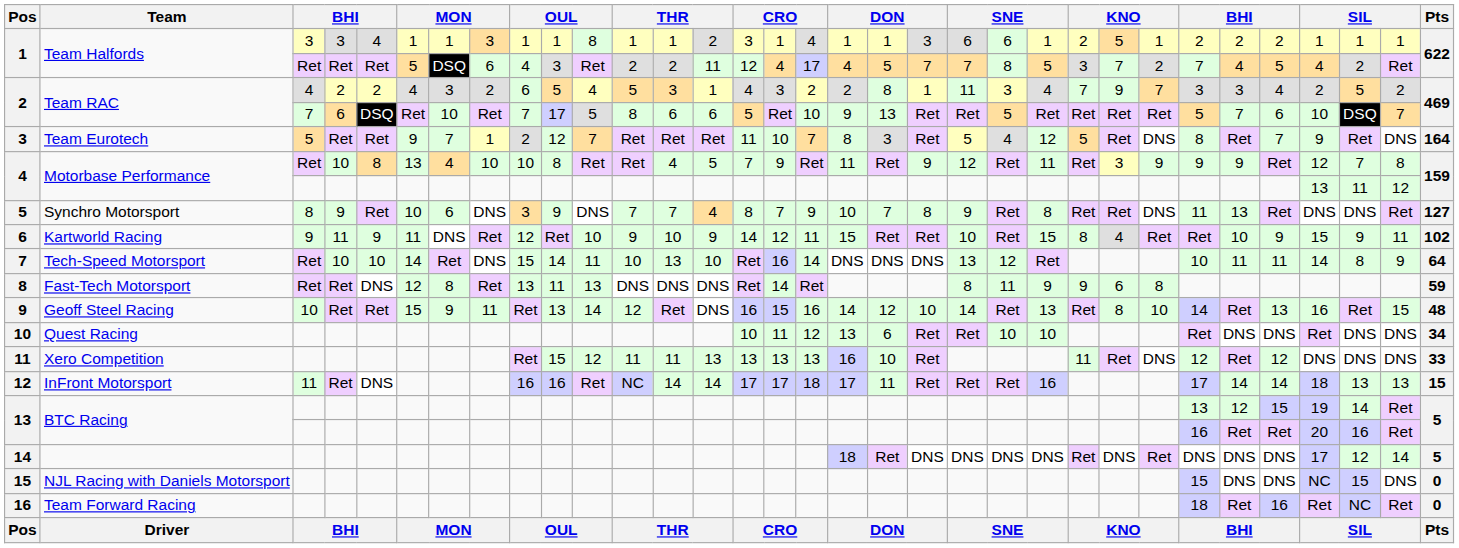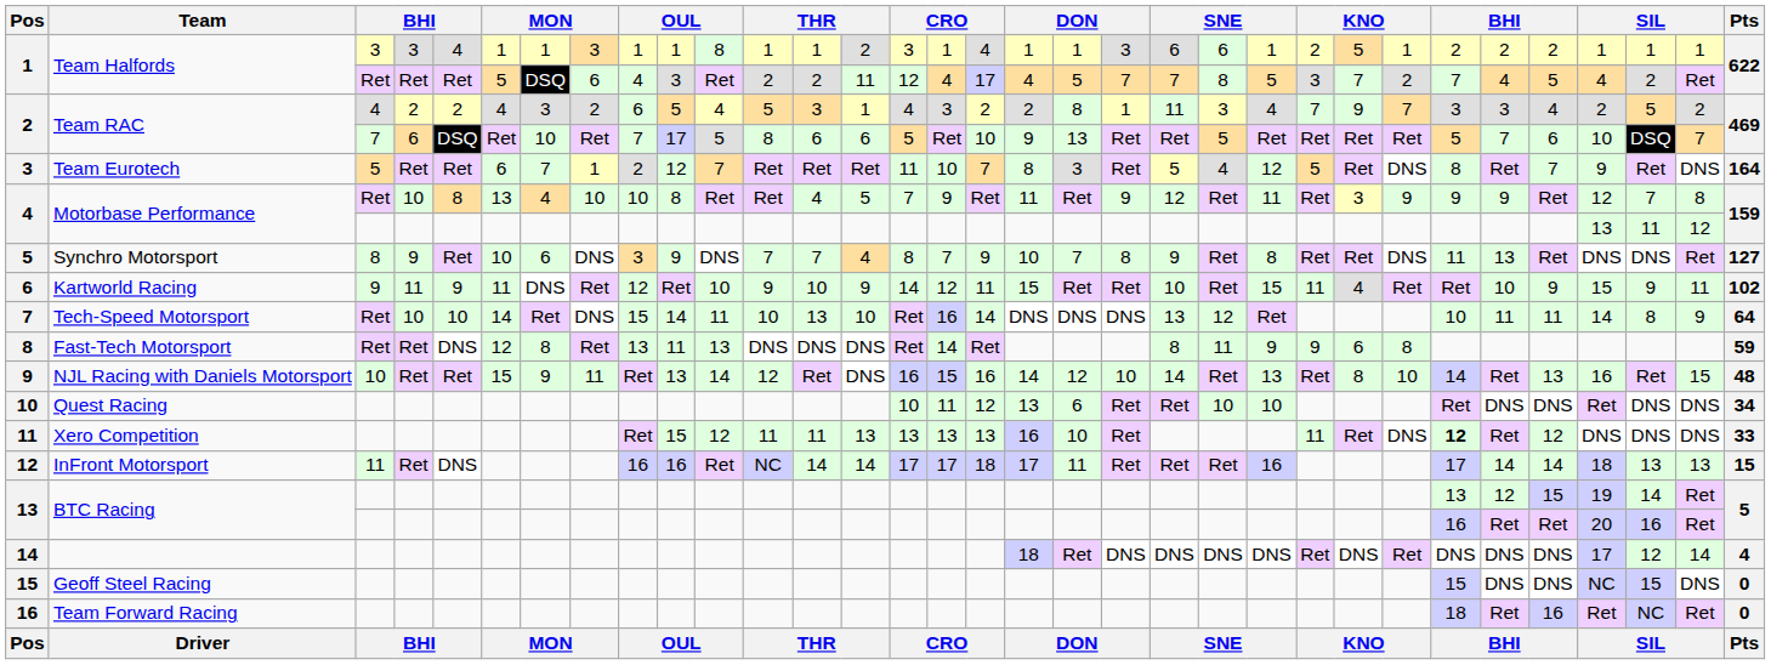 <table class="wikitable" style="font-size: 85%; text-align: center;">
 <tr valign="top">
 <th valign="middle">Pos</th>
 <th valign="middle">Team</th>
 <th colspan="3"><a href='#'>BHI</a></th>
 <th colspan="3"><a href='#'>MON</a></th>
 <th colspan="3"><a href='#'>OUL</a></th>
 <th colspan="3"><a href='#'>THR</a></th>
 <th colspan="3"><a href='#'>CRO</a></th>
 <th colspan="3"><a href='#'>DON</a></th>
 <th colspan="3"><a href='#'>SNE</a></th>
 <th colspan="3"><a href='#'>KNO</a></th>
 <th colspan="3"><a href='#'>BHI</a></th>
 <th colspan="3"><a href='#'>SIL</a></th>
 <th valign=middle>Pts</th>
 </tr>
 <tr>
 <th rowspan="2">1</th>
 <td rowspan=2 align=left><a href='#'>Team Halfords</a></td>
 <td style="background:#FFFFBF;">3</td>
 <td style="background:#DFDFDF;">3</td>
 <td style="background:#DFDFDF;">4</td>
 <td style="background:#FFFFBF;">1</td>
 <td style="background:#FFFFBF;">1</td>
 <td style="background:#FFDF9F;">3</td>
 <td style="background:#FFFFBF;">1</td>
 <td style="background:#FFFFBF;">1</td>
 <td style="background:#DFFFDF;">8</td>
 <td style="background:#FFFFBF;">1</td>
 <td style="background:#FFFFBF;">1</td>
 <td style="background:#DFDFDF;">2</td>
 <td style="background:#FFFFBF;">3</td>
 <td style="background:#FFFFBF;">1</td>
 <td style="background:#DFDFDF;">4</td>
 <td style="background:#FFFFBF;">1</td>
 <td style="background:#FFFFBF;">1</td>
 <td style="background:#DFDFDF;">3</td>
 <td style="background:#DFDFDF;">6</td>
 <td style="background:#DFFFDF;">6</td>
 <td style="background:#FFFFBF;">1</td>
 <td style="background:#FFFFBF;">2</td>
 <td style="background:#FFDF9F;">5</td>
 <td style="background:#FFFFBF;">1</td>
 <td style="background:#FFFFBF;">2</td>
 <td style="background:#FFFFBF;">2</td>
 <td style="background:#FFFFBF;">2</td>
 <td style="background:#FFFFBF;">1</td>
 <td style="background:#FFFFBF;">1</td>
 <td style="background:#FFFFBF;">1</td>
 <th rowspan=2>622</th>
 </tr>
 <tr>
 <td style="background:#EFCFFF;">Ret</td>
 <td style="background:#EFCFFF;">Ret</td>
 <td style="background:#EFCFFF;">Ret</td>
 <td style="background:#FFDF9F;">5</td>
 <td style="background:#000000; color:white">DSQ</td>
 <td style="background:#DFFFDF;">6</td>
 <td style="background:#DFFFDF;">4</td>
 <td style="background:#DFDFDF;">3</td>
 <td style="background:#EFCFFF;">Ret</td>
 <td style="background:#DFDFDF;">2</td>
 <td style="background:#DFDFDF;">2</td>
 <td style="background:#DFFFDF;">11</td>
 <td style="background:#DFFFDF;">12</td>
 <td style="background:#FFDF9F;">4</td>
 <td style="background:#CFCFFF;">17</td>
 <td style="background:#FFDF9F;">4</td>
 <td style="background:#FFDF9F;">5</td>
 <td style="background:#FFDF9F;">7</td>
 <td style="background:#FFDF9F;">7</td>
 <td style="background:#DFFFDF;">8</td>
 <td style="background:#FFDF9F;">5</td>
 <td style="background:#DFDFDF;">3</td>
 <td style="background:#DFFFDF;">7</td>
 <td style="background:#DFDFDF;">2</td>
 <td style="background:#DFFFDF;">7</td>
 <td style="background:#FFDF9F;">4</td>
 <td style="background:#FFDF9F;">5</td>
 <td style="background:#FFDF9F;">4</td>
 <td style="background:#DFDFDF;">2</td>
 <td style="background:#EFCFFF;">Ret</td>
 </tr>
 <tr>
 <th rowspan="2">2</th>
 <td rowspan=2 align=left><a href='#'>Team RAC</a></td>
 <td style="background:#DFDFDF;">4</td>
 <td style="background:#FFFFBF;">2</td>
 <td style="background:#FFFFBF;">2</td>
 <td style="background:#DFDFDF;">4</td>
 <td style="background:#DFDFDF;">3</td>
 <td style="background:#DFDFDF;">2</td>
 <td style="background:#DFFFDF;">6</td>
 <td style="background:#FFDF9F;">5</td>
 <td style="background:#FFFFBF;">4</td>
 <td style="background:#FFDF9F;">5</td>
 <td style="background:#FFDF9F;">3</td>
 <td style="background:#FFFFBF;">1</td>
 <td style="background:#DFDFDF;">4</td>
 <td style="background:#DFDFDF;">3</td>
 <td style="background:#FFFFBF;">2</td>
 <td style="background:#DFDFDF;">2</td>
 <td style="background:#DFFFDF;">8</td>
 <td style="background:#FFFFBF;">1</td>
 <td style="background:#DFFFDF;">11</td>
 <td style="background:#FFFFBF;">3</td>
 <td style="background:#DFDFDF;">4</td>
 <td style="background:#DFFFDF;">7</td>
 <td style="background:#DFFFDF;">9</td>
 <td style="background:#FFDF9F;">7</td>
 <td style="background:#DFDFDF;">3</td>
 <td style="background:#DFDFDF;">3</td>
 <td style="background:#DFDFDF;">4</td>
 <td style="background:#DFDFDF;">2</td>
 <td style="background:#FFDF9F;">5</td>
 <td style="background:#DFDFDF;">2</td>
 <th rowspan=2>469</th>
 </tr>
 <tr>
 <td style="background:#DFFFDF;">7</td>
 <td style="background:#FFDF9F;">6</td>
 <td style="background:#000000; color:white">DSQ</td>
 <td style="background:#EFCFFF;">Ret</td>
 <td style="background:#DFFFDF;">10</td>
 <td style="background:#EFCFFF;">Ret</td>
 <td style="background:#DFFFDF;">7</td>
 <td style="background:#CFCFFF;">17</td>
 <td style="background:#DFDFDF;">5</td>
 <td style="background:#DFFFDF;">8</td>
 <td style="background:#DFFFDF;">6</td>
 <td style="background:#DFFFDF;">6</td>
 <td style="background:#FFDF9F;">5</td>
 <td style="background:#EFCFFF;">Ret</td>
 <td style="background:#DFFFDF;">10</td>
 <td style="background:#DFFFDF;">9</td>
 <td style="background:#DFFFDF;">13</td>
 <td style="background:#EFCFFF;">Ret</td>
 <td style="background:#EFCFFF;">Ret</td>
 <td style="background:#FFDF9F;">5</td>
 <td style="background:#EFCFFF;">Ret</td>
 <td style="background:#EFCFFF;">Ret</td>
 <td style="background:#EFCFFF;">Ret</td>
 <td style="background:#EFCFFF;">Ret</td>
 <td style="background:#FFDF9F;">5</td>
 <td style="background:#DFFFDF;">7</td>
 <td style="background:#DFFFDF;">6</td>
 <td style="background:#DFFFDF;">10</td>
 <td style="background:#000000; color:white">DSQ</td>
 <td style="background:#FFDF9F;">7</td>
 </tr>
 <tr>
 <th>3</th>
 <td align=left><a href='#'>Team Eurotech</a></td>
 <td style="background:#FFDF9F;">5</td>
 <td style="background:#EFCFFF;">Ret</td>
 <td style="background:#EFCFFF;">Ret</td>
-<td style="background:#DFFFDF;">9</td>
+<td style="background:#DFFFDF;">6</td>
 <td style="background:#DFFFDF;">7</td>
 <td style="background:#FFFFBF;">1</td>
 <td style="background:#DFDFDF;">2</td>
 <td style="background:#DFFFDF;">12</td>
 <td style="background:#FFDF9F;">7</td>
 <td style="background:#EFCFFF;">Ret</td>
 <td style="background:#EFCFFF;">Ret</td>
 <td style="background:#EFCFFF;">Ret</td>
 <td style="background:#DFFFDF;">11</td>
 <td style="background:#DFFFDF;">10</td>
 <td style="background:#FFDF9F;">7</td>
 <td style="background:#DFFFDF;">8</td>
 <td style="background:#DFDFDF;">3</td>
 <td style="background:#EFCFFF;">Ret</td>
 <td style="background:#FFFFBF;">5</td>
 <td style="background:#DFDFDF;">4</td>
 <td style="background:#DFFFDF;">12</td>
 <td style="background:#FFDF9F;">5</td>
 <td style="background:#EFCFFF;">Ret</td>
 <td style="background:#FFFFFF;">DNS</td>
 <td style="background:#DFFFDF;">8</td>
 <td style="background:#EFCFFF;">Ret</td>
 <td style="background:#DFFFDF;">7</td>
 <td style="background:#DFFFDF;">9</td>
 <td style="background:#EFCFFF;">Ret</td>
 <td style="background:#FFFFFF;">DNS</td>
 <th>164</th>
 </tr>
 <tr>
 <th rowspan="2">4</th>
 <td rowspan=2 align=left><a href='#'>Motorbase Performance</a></td>
 <td style="background:#EFCFFF;">Ret</td>
 <td style="background:#DFFFDF;">10</td>
 <td style="background:#FFDF9F;">8</td>
 <td style="background:#DFFFDF;">13</td>
 <td style="background:#FFDF9F;">4</td>
 <td style="background:#DFFFDF;">10</td>
 <td style="background:#DFFFDF;">10</td>
 <td style="background:#DFFFDF;">8</td>
 <td style="background:#EFCFFF;">Ret</td>
 <td style="background:#EFCFFF;">Ret</td>
 <td style="background:#DFFFDF;">4</td>
 <td style="background:#DFFFDF;">5</td>
 <td style="background:#DFFFDF;">7</td>
 <td style="background:#DFFFDF;">9</td>
 <td style="background:#EFCFFF;">Ret</td>
 <td style="background:#DFFFDF;">11</td>
 <td style="background:#EFCFFF;">Ret</td>
 <td style="background:#DFFFDF;">9</td>
 <td style="background:#DFFFDF;">12</td>
 <td style="background:#EFCFFF;">Ret</td>
 <td style="background:#DFFFDF;">11</td>
 <td style="background:#EFCFFF;">Ret</td>
 <td style="background:#FFFFBF;">3</td>
 <td style="background:#DFFFDF;">9</td>
 <td style="background:#DFFFDF;">9</td>
 <td style="background:#DFFFDF;">9</td>
 <td style="background:#EFCFFF;">Ret</td>
 <td style="background:#DFFFDF;">12</td>
 <td style="background:#DFFFDF;">7</td>
 <td style="background:#DFFFDF;">8</td>
 <th rowspan=2>159</th>
 </tr>
 <tr>
 <td></td>
 <td></td>
 <td></td>
 <td></td>
 <td></td>
 <td></td>
 <td></td>
 <td></td>
 <td></td>
 <td></td>
 <td></td>
 <td></td>
 <td></td>
 <td></td>
 <td></td>
 <td></td>
 <td></td>
 <td></td>
 <td></td>
 <td></td>
 <td></td>
 <td></td>
 <td></td>
 <td></td>
 <td></td>
 <td></td>
 <td></td>
 <td style="background:#DFFFDF;">13</td>
 <td style="background:#DFFFDF;">11</td>
 <td style="background:#DFFFDF;">12</td>
 </tr>
 <tr>
 <th>5</th>
 <td align=left>Synchro Motorsport</td>
 <td style="background:#DFFFDF;">8</td>
 <td style="background:#DFFFDF;">9</td>
 <td style="background:#EFCFFF;">Ret</td>
 <td style="background:#DFFFDF;">10</td>
 <td style="background:#DFFFDF;">6</td>
 <td style="background:#FFFFFF;">DNS</td>
 <td style="background:#FFDF9F;">3</td>
 <td style="background:#DFFFDF;">9</td>
 <td style="background:#FFFFFF;">DNS</td>
 <td style="background:#DFFFDF;">7</td>
 <td style="background:#DFFFDF;">7</td>
 <td style="background:#FFDF9F;">4</td>
 <td style="background:#DFFFDF;">8</td>
 <td style="background:#DFFFDF;">7</td>
 <td style="background:#DFFFDF;">9</td>
 <td style="background:#DFFFDF;">10</td>
 <td style="background:#DFFFDF;">7</td>
 <td style="background:#DFFFDF;">8</td>
 <td style="background:#DFFFDF;">9</td>
 <td style="background:#EFCFFF;">Ret</td>
 <td style="background:#DFFFDF;">8</td>
 <td style="background:#EFCFFF;">Ret</td>
 <td style="background:#EFCFFF;">Ret</td>
 <td style="background:#FFFFFF;">DNS</td>
 <td style="background:#DFFFDF;">11</td>
 <td style="background:#DFFFDF;">13</td>
 <td style="background:#EFCFFF;">Ret</td>
 <td style="background:#FFFFFF;">DNS</td>
 <td style="background:#FFFFFF;">DNS</td>
 <td style="background:#EFCFFF;">Ret</td>
 <th>127</th>
 </tr>
 <tr>
 <th>6</th>
 <td align=left><a href='#'>Kartworld Racing</a></td>
 <td style="background:#DFFFDF;">9</td>
 <td style="background:#DFFFDF;">11</td>
 <td style="background:#DFFFDF;">9</td>
 <td style="background:#DFFFDF;">11</td>
 <td style="background:#FFFFFF;">DNS</td>
 <td style="background:#EFCFFF;">Ret</td>
 <td style="background:#DFFFDF;">12</td>
 <td style="background:#EFCFFF;">Ret</td>
 <td style="background:#DFFFDF;">10</td>
 <td style="background:#DFFFDF;">9</td>
 <td style="background:#DFFFDF;">10</td>
 <td style="background:#DFFFDF;">9</td>
 <td style="background:#DFFFDF;">14</td>
 <td style="background:#DFFFDF;">12</td>
 <td style="background:#DFFFDF;">11</td>
 <td style="background:#DFFFDF;">15</td>
 <td style="background:#EFCFFF;">Ret</td>
 <td style="background:#EFCFFF;">Ret</td>
 <td style="background:#DFFFDF;">10</td>
 <td style="background:#EFCFFF;">Ret</td>
 <td style="background:#DFFFDF;">15</td>
-<td style="background:#DFFFDF;">8</td>
+<td style="background:#DFFFDF;">11</td>
 <td style="background:#DFDFDF;">4</td>
 <td style="background:#EFCFFF;">Ret</td>
 <td style="background:#EFCFFF;">Ret</td>
 <td style="background:#DFFFDF;">10</td>
 <td style="background:#DFFFDF;">9</td>
 <td style="background:#DFFFDF;">15</td>
 <td style="background:#DFFFDF;">9</td>
 <td style="background:#DFFFDF;">11</td>
 <th>102</th>
 </tr>
 <tr>
 <th>7</th>
 <td align=left><a href='#'>Tech-Speed Motorsport</a></td>
 <td style="background:#EFCFFF;">Ret</td>
 <td style="background:#DFFFDF;">10</td>
 <td style="background:#DFFFDF;">10</td>
 <td style="background:#DFFFDF;">14</td>
 <td style="background:#EFCFFF;">Ret</td>
 <td style="background:#FFFFFF;">DNS</td>
 <td style="background:#DFFFDF;">15</td>
 <td style="background:#DFFFDF;">14</td>
 <td style="background:#DFFFDF;">11</td>
 <td style="background:#DFFFDF;">10</td>
 <td style="background:#DFFFDF;">13</td>
 <td style="background:#DFFFDF;">10</td>
 <td style="background:#EFCFFF;">Ret</td>
 <td style="background:#CFCFFF;">16</td>
 <td style="background:#DFFFDF;">14</td>
 <td style="background:#FFFFFF;">DNS</td>
 <td style="background:#FFFFFF;">DNS</td>
 <td style="background:#FFFFFF;">DNS</td>
 <td style="background:#DFFFDF;">13</td>
 <td style="background:#DFFFDF;">12</td>
 <td style="background:#EFCFFF;">Ret</td>
 <td></td>
 <td></td>
 <td></td>
 <td style="background:#DFFFDF;">10</td>
 <td style="background:#DFFFDF;">11</td>
 <td style="background:#DFFFDF;">11</td>
 <td style="background:#DFFFDF;">14</td>
 <td style="background:#DFFFDF;">8</td>
 <td style="background:#DFFFDF;">9</td>
 <th>64</th>
 </tr>
 <tr>
 <th>8</th>
 <td align=left><a href='#'>Fast-Tech Motorsport</a></td>
 <td style="background:#EFCFFF;">Ret</td>
 <td style="background:#EFCFFF;">Ret</td>
 <td style="background:#FFFFFF;">DNS</td>
 <td style="background:#DFFFDF;">12</td>
 <td style="background:#DFFFDF;">8</td>
 <td style="background:#EFCFFF;">Ret</td>
 <td style="background:#DFFFDF;">13</td>
 <td style="background:#DFFFDF;">11</td>
 <td style="background:#DFFFDF;">13</td>
 <td style="background:#FFFFFF;">DNS</td>
 <td style="background:#FFFFFF;">DNS</td>
 <td style="background:#FFFFFF;">DNS</td>
 <td style="background:#EFCFFF;">Ret</td>
 <td style="background:#DFFFDF;">14</td>
 <td style="background:#EFCFFF;">Ret</td>
 <td></td>
 <td></td>
 <td></td>
 <td style="background:#DFFFDF;">8</td>
 <td style="background:#DFFFDF;">11</td>
 <td style="background:#DFFFDF;">9</td>
 <td style="background:#DFFFDF;">9</td>
 <td style="background:#DFFFDF;">6</td>
 <td style="background:#DFFFDF;">8</td>
 <td></td>
 <td></td>
 <td></td>
 <td></td>
 <td></td>
 <td></td>
 <th>59</th>
 </tr>
 <tr>
 <th>9</th>
-<td align=left><a href='#'>Geoff Steel Racing</a></td>
+<td align=left nowrap><a href='#'>NJL Racing with Daniels Motorsport</a></td>
 <td style="background:#DFFFDF;">10</td>
 <td style="background:#EFCFFF;">Ret</td>
 <td style="background:#EFCFFF;">Ret</td>
 <td style="background:#DFFFDF;">15</td>
 <td style="background:#DFFFDF;">9</td>
 <td style="background:#DFFFDF;">11</td>
 <td style="background:#EFCFFF;">Ret</td>
 <td style="background:#DFFFDF;">13</td>
 <td style="background:#DFFFDF;">14</td>
 <td style="background:#DFFFDF;">12</td>
 <td style="background:#EFCFFF;">Ret</td>
 <td style="background:#FFFFFF;">DNS</td>
 <td style="background:#CFCFFF;">16</td>
 <td style="background:#CFCFFF;">15</td>
 <td style="background:#DFFFDF;">16</td>
 <td style="background:#DFFFDF;">14</td>
 <td style="background:#DFFFDF;">12</td>
 <td style="background:#DFFFDF;">10</td>
 <td style="background:#DFFFDF;">14</td>
 <td style="background:#EFCFFF;">Ret</td>
 <td style="background:#DFFFDF;">13</td>
 <td style="background:#EFCFFF;">Ret</td>
 <td style="background:#DFFFDF;">8</td>
 <td style="background:#DFFFDF;">10</td>
 <td style="background:#CFCFFF;">14</td>
 <td style="background:#EFCFFF;">Ret</td>
 <td style="background:#DFFFDF;">13</td>
 <td style="background:#DFFFDF;">16</td>
 <td style="background:#EFCFFF;">Ret</td>
 <td style="background:#DFFFDF;">15</td>
 <th>48</th>
 </tr>
 <tr>
 <th>10</th>
 <td align=left><a href='#'>Quest Racing</a></td>
 <td></td>
 <td></td>
 <td></td>
 <td></td>
 <td></td>
 <td></td>
 <td></td>
 <td></td>
 <td></td>
 <td></td>
 <td></td>
 <td></td>
 <td style="background:#DFFFDF;">10</td>
 <td style="background:#DFFFDF;">11</td>
 <td style="background:#DFFFDF;">12</td>
 <td style="background:#DFFFDF;">13</td>
 <td style="background:#DFFFDF;">6</td>
 <td style="background:#EFCFFF;">Ret</td>
 <td style="background:#EFCFFF;">Ret</td>
 <td style="background:#DFFFDF;">10</td>
 <td style="background:#DFFFDF;">10</td>
 <td></td>
 <td></td>
 <td></td>
 <td style="background:#EFCFFF;">Ret</td>
 <td style="background:#FFFFFF;">DNS</td>
 <td style="background:#FFFFFF;">DNS</td>
 <td style="background:#EFCFFF;">Ret</td>
 <td style="background:#FFFFFF;">DNS</td>
 <td style="background:#FFFFFF;">DNS</td>
 <th>34</th>
 </tr>
 <tr>
 <th>11</th>
 <td align=left><a href='#'>Xero Competition</a></td>
 <td></td>
 <td></td>
 <td></td>
 <td></td>
 <td></td>
 <td></td>
 <td style="background:#EFCFFF;">Ret</td>
 <td style="background:#DFFFDF;">15</td>
 <td style="background:#DFFFDF;">12</td>
 <td style="background:#DFFFDF;">11</td>
 <td style="background:#DFFFDF;">11</td>
 <td style="background:#DFFFDF;">13</td>
 <td style="background:#DFFFDF;">13</td>
 <td style="background:#DFFFDF;">13</td>
 <td style="background:#DFFFDF;">13</td>
 <td style="background:#CFCFFF;">16</td>
 <td style="background:#DFFFDF;">10</td>
 <td style="background:#EFCFFF;">Ret</td>
 <td></td>
 <td></td>
 <td></td>
 <td style="background:#DFFFDF;">11</td>
 <td style="background:#EFCFFF;">Ret</td>
 <td style="background:#FFFFFF;">DNS</td>
-<td style="background:#DFFFDF;">12</td>
+<td style="background:#DFFFDF;"><strong>12</strong></td>
 <td style="background:#EFCFFF;">Ret</td>
 <td style="background:#DFFFDF;">12</td>
 <td style="background:#FFFFFF;">DNS</td>
 <td style="background:#FFFFFF;">DNS</td>
 <td style="background:#FFFFFF;">DNS</td>
 <th>33</th>
 </tr>
 <tr>
 <th>12</th>
 <td align=left><a href='#'>InFront Motorsport</a></td>
 <td style="background:#DFFFDF;">11</td>
 <td style="background:#EFCFFF;">Ret</td>
 <td style="background:#FFFFFF;">DNS</td>
 <td></td>
 <td></td>
 <td></td>
 <td style="background:#CFCFFF;">16</td>
 <td style="background:#CFCFFF;">16</td>
 <td style="background:#EFCFFF;">Ret</td>
 <td style="background:#CFCFFF;">NC</td>
 <td style="background:#DFFFDF;">14</td>
 <td style="background:#DFFFDF;">14</td>
 <td style="background:#CFCFFF;">17</td>
 <td style="background:#CFCFFF;">17</td>
 <td style="background:#CFCFFF;">18</td>
 <td style="background:#CFCFFF;">17</td>
 <td style="background:#DFFFDF;">11</td>
 <td style="background:#EFCFFF;">Ret</td>
 <td style="background:#EFCFFF;">Ret</td>
 <td style="background:#EFCFFF;">Ret</td>
 <td style="background:#CFCFFF;">16</td>
 <td></td>
 <td></td>
 <td></td>
 <td style="background:#CFCFFF;">17</td>
 <td style="background:#DFFFDF;">14</td>
 <td style="background:#DFFFDF;">14</td>
 <td style="background:#CFCFFF;">18</td>
 <td style="background:#DFFFDF;">13</td>
 <td style="background:#DFFFDF;">13</td>
 <th>15</th>
 </tr>
 <tr>
 <th rowspan="2">13</th>
 <td rowspan=2 align=left><a href='#'>BTC Racing</a></td>
 <td></td>
 <td></td>
 <td></td>
 <td></td>
 <td></td>
 <td></td>
 <td></td>
 <td></td>
 <td></td>
 <td></td>
 <td></td>
 <td></td>
 <td></td>
 <td></td>
 <td></td>
 <td></td>
 <td></td>
 <td></td>
 <td></td>
 <td></td>
 <td></td>
 <td></td>
 <td></td>
 <td></td>
 <td style="background:#DFFFDF;">13</td>
 <td style="background:#DFFFDF;">12</td>
 <td style="background:#CFCFFF;">15</td>
 <td style="background:#CFCFFF;">19</td>
 <td style="background:#DFFFDF;">14</td>
 <td style="background:#EFCFFF;">Ret</td>
 <th rowspan=2>5</th>
 </tr>
 <tr>
 <td></td>
 <td></td>
 <td></td>
 <td></td>
 <td></td>
 <td></td>
 <td></td>
 <td></td>
 <td></td>
 <td></td>
 <td></td>
 <td></td>
 <td></td>
 <td></td>
 <td></td>
 <td></td>
 <td></td>
 <td></td>
 <td></td>
 <td></td>
 <td></td>
 <td></td>
 <td></td>
 <td></td>
 <td style="background:#CFCFFF;">16</td>
 <td style="background:#EFCFFF;">Ret</td>
 <td style="background:#EFCFFF;">Ret</td>
 <td style="background:#CFCFFF;">20</td>
 <td style="background:#CFCFFF;">16</td>
 <td style="background:#EFCFFF;">Ret</td>
 </tr>
 <tr>
 <th>14</th>
 <td align=left></td>
 <td></td>
 <td></td>
 <td></td>
 <td></td>
 <td></td>
 <td></td>
 <td></td>
 <td></td>
 <td></td>
 <td></td>
 <td></td>
 <td></td>
 <td></td>
 <td></td>
 <td></td>
 <td style="background:#CFCFFF;">18</td>
 <td style="background:#EFCFFF;">Ret</td>
 <td style="background:#FFFFFF;">DNS</td>
 <td style="background:#FFFFFF;">DNS</td>
 <td style="background:#FFFFFF;">DNS</td>
 <td style="background:#FFFFFF;">DNS</td>
 <td style="background:#EFCFFF;">Ret</td>
 <td style="background:#FFFFFF;">DNS</td>
 <td style="background:#EFCFFF;">Ret</td>
 <td style="background:#FFFFFF;">DNS</td>
 <td style="background:#FFFFFF;">DNS</td>
 <td style="background:#FFFFFF;">DNS</td>
 <td style="background:#CFCFFF;">17</td>
 <td style="background:#DFFFDF;">12</td>
 <td style="background:#DFFFDF;">14</td>
-<th>5</th>
+<th>4</th>
 </tr>
 <tr>
 <th>15</th>
-<td align=left nowrap><a href='#'>NJL Racing with Daniels Motorsport</a></td>
+<td align=left><a href='#'>Geoff Steel Racing</a></td>
 <td></td>
 <td></td>
 <td></td>
 <td></td>
 <td></td>
 <td></td>
 <td></td>
 <td></td>
 <td></td>
 <td></td>
 <td></td>
 <td></td>
 <td></td>
 <td></td>
 <td></td>
 <td></td>
 <td></td>
 <td></td>
 <td></td>
 <td></td>
 <td></td>
 <td></td>
 <td></td>
 <td></td>
 <td style="background:#CFCFFF;">15</td>
 <td style="background:#FFFFFF;">DNS</td>
 <td style="background:#FFFFFF;">DNS</td>
 <td style="background:#CFCFFF;">NC</td>
 <td style="background:#CFCFFF;">15</td>
 <td style="background:#FFFFFF;">DNS</td>
 <th>0</th>
 </tr>
 <tr>
 <th>16</th>
 <td align=left><a href='#'>Team Forward Racing</a></td>
 <td></td>
 <td></td>
 <td></td>
 <td></td>
 <td></td>
 <td></td>
 <td></td>
 <td></td>
 <td></td>
 <td></td>
 <td></td>
 <td></td>
 <td></td>
 <td></td>
 <td></td>
 <td></td>
 <td></td>
 <td></td>
 <td></td>
 <td></td>
 <td></td>
 <td></td>
 <td></td>
 <td></td>
 <td style="background:#CFCFFF;">18</td>
 <td style="background:#EFCFFF;">Ret</td>
 <td style="background:#CFCFFF;">16</td>
 <td style="background:#EFCFFF;">Ret</td>
 <td style="background:#CFCFFF;">NC</td>
 <td style="background:#EFCFFF;">Ret</td>
 <th>0</th>
 </tr>
 <tr>
 <th valign="middle">Pos</th>
 <th valign="middle">Driver</th>
 <th colspan="3"><a href='#'>BHI</a></th>
 <th colspan="3"><a href='#'>MON</a></th>
 <th colspan="3"><a href='#'>OUL</a></th>
 <th colspan="3"><a href='#'>THR</a></th>
 <th colspan="3"><a href='#'>CRO</a></th>
 <th colspan="3"><a href='#'>DON</a></th>
 <th colspan="3"><a href='#'>SNE</a></th>
 <th colspan="3"><a href='#'>KNO</a></th>
 <th colspan="3"><a href='#'>BHI</a></th>
 <th colspan="3"><a href='#'>SIL</a></th>
 <th valign=middle>Pts</th>
 </tr>
 </table>
